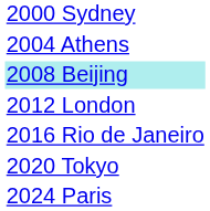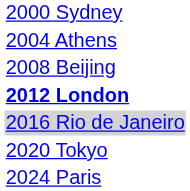 <table>
 <tr>
 <td><a href='#'>2000 Sydney</a><br></td>
 <td></td>
 <td></td>
 <td></td>
 </tr>
 <tr>
 <td><a href='#'>2004 Athens</a><br></td>
 <td></td>
 <td></td>
 <td></td>
 </tr>
 <tr valign="top">
-<td style="background: paleturquoise;"><a href='#'>2008 Beijing</a><br></td>
+<td><a href='#'>2008 Beijing</a><br></td>
 <td></td>
 <td></td>
 <td></td>
 </tr>
 <tr>
-<td><a href='#'>2012 London</a><br></td>
+<td><strong><a href='#'>2012 London</a><br></strong></td>
 <td></td>
 <td></td>
 <td></td>
 </tr>
 <tr>
-<td><a href='#'>2016 Rio de Janeiro</a><br></td>
+<td style="background: lightgrey;"><a href='#'>2016 Rio de Janeiro</a><br></td>
 <td></td>
 <td></td>
 <td></td>
 </tr>
 <tr valign="top">
 <td><a href='#'>2020 Tokyo</a><br></td>
 <td></td>
 <td></td>
 <td></td>
 </tr>
 <tr valign="top">
 <td><a href='#'>2024 Paris</a><br></td>
 <td></td>
 <td></td>
 <td></td>
 </tr>
 <tr>
 </tr>
 </table>
